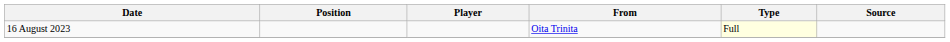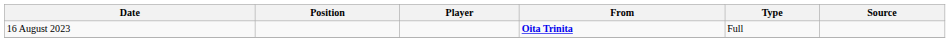 <table class="wikitable sortable" style="width:90%; text-align:center; font-size:95%; text-align:left;">
 <tr>
 <th>Date</th>
 <th>Position</th>
 <th>Player</th>
 <th>From</th>
 <th>Type</th>
 <th>Source</th>
 </tr>
 <tr>
 <td>16 August 2023</td>
 <td></td>
 <td></td>
-<td> <a href='#'>Oita Trinita</a></td>
-<td style="background: lightyellow;">Full</td>
+<td><strong> <a href='#'>Oita Trinita</a></strong></td>
+<td>Full</td>
 <td></td>
 </tr>
 <tr>
 </tr>
 </table>
